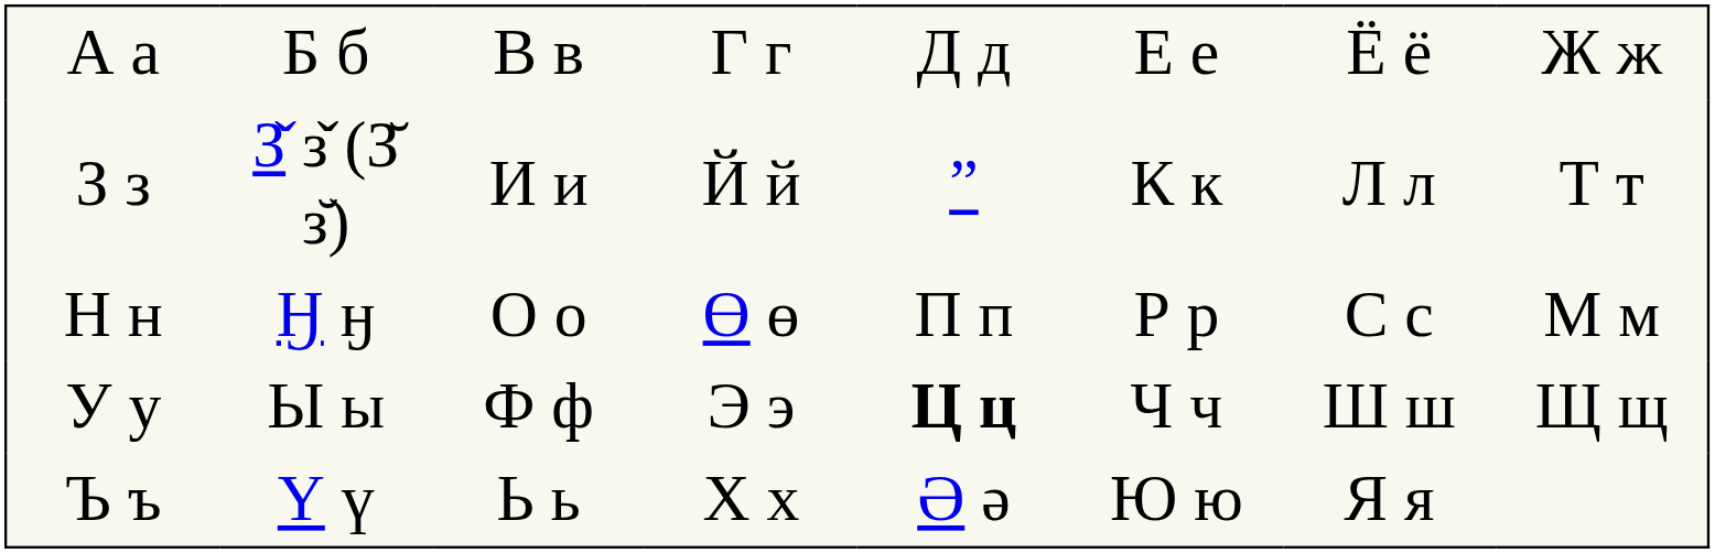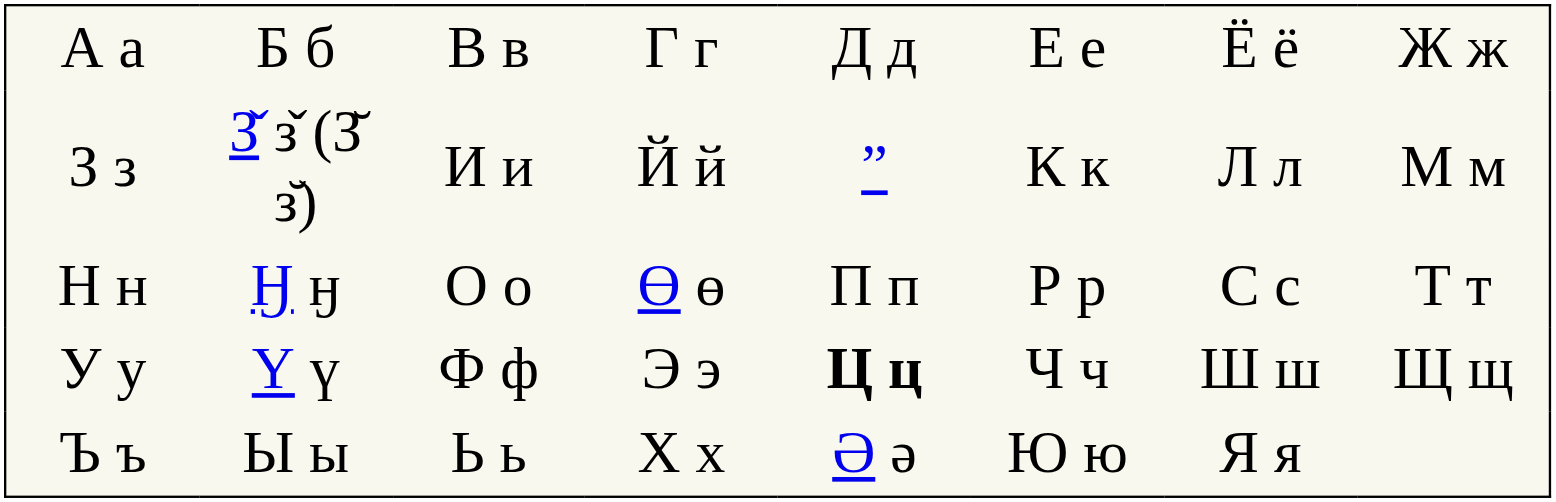 <table style="font-family:'Times New Roman',Times,'Nimbus Roman No9 L',FreeSerif,'Liberation Serif',serif; font-size:1.6em; border-color:#000000; border-width:1px; border-style:solid; border-collapse:collapse; background-color:#F8F8EF">
 <tr>
 <td style="width:3em; text-align:center; padding: 3px;">А а</td>
 <td style="width:3em; text-align:center; padding: 3px;">Б б</td>
 <td style="width:3em; text-align:center; padding: 3px;">В в</td>
 <td style="width:3em; text-align:center; padding: 3px;">Г г</td>
 <td style="width:3em; text-align:center; padding: 3px;">Д д</td>
 <td style="width:3em; text-align:center; padding: 3px;">Е е</td>
 <td style="width:3em; text-align:center; padding: 3px;">Ё ё</td>
 <td style="width:3em; text-align:center; padding: 3px;">Ж ж</td>
 </tr>
 <tr>
 <td style="width:3em; text-align:center; padding: 3px;">З з</td>
 <td style="width:3em; text-align:center; padding: 3px;"><a href='#'>З̌</a> з̌ (З̆ з̆)</td>
 <td style="width:3em; text-align:center; padding: 3px;">И и</td>
 <td style="width:3em; text-align:center; padding: 3px;">Й й</td>
 <td style="width:3em; text-align:center; padding: 3px;"><a href='#'>ˮ</a></td>
 <td style="width:3em; text-align:center; padding: 3px;">К к</td>
 <td style="width:3em; text-align:center; padding: 3px;">Л л</td>
-<td style="width:3em; text-align:center; padding: 3px;">Т т</td>
+<td style="width:3em; text-align:center; padding: 3px;">М м</td>
 </tr>
 <tr>
 <td style="width:3em; text-align:center; padding: 3px;">Н н</td>
 <td style="width:3em; text-align:center; padding: 3px;"><a href='#'>Ӈ</a> ӈ</td>
 <td style="width:3em; text-align:center; padding: 3px;">О о</td>
 <td style="width:3em; text-align:center; padding: 3px;"><a href='#'>Ө</a> ө</td>
 <td style="width:3em; text-align:center; padding: 3px;">П п</td>
 <td style="width:3em; text-align:center; padding: 3px;">Р р</td>
 <td style="width:3em; text-align:center; padding: 3px;">С с</td>
-<td style="width:3em; text-align:center; padding: 3px;">М м</td>
+<td style="width:3em; text-align:center; padding: 3px;">Т т</td>
 </tr>
 <tr>
 <td style="width:3em; text-align:center; padding: 3px;">У у</td>
-<td style="width:3em; text-align:center; padding: 3px;">Ы ы</td>
+<td style="width:3em; text-align:center; padding: 3px;"><a href='#'>Ү</a> ү</td>
 <td style="width:3em; text-align:center; padding: 3px;">Ф ф</td>
 <td style="width:3em; text-align:center; padding: 3px;">Э э</td>
 <td style="width:3em; text-align:center; padding: 3px;"><strong>Ц ц</strong></td>
 <td style="width:3em; text-align:center; padding: 3px;">Ч ч</td>
 <td style="width:3em; text-align:center; padding: 3px;">Ш ш</td>
 <td style="width:3em; text-align:center; padding: 3px;">Щ щ</td>
 </tr>
 <tr>
 <td style="width:3em; text-align:center; padding: 3px;">Ъ ъ</td>
-<td style="width:3em; text-align:center; padding: 3px;"><a href='#'>Ү</a> ү</td>
+<td style="width:3em; text-align:center; padding: 3px;">Ы ы</td>
 <td style="width:3em; text-align:center; padding: 3px;">Ь ь</td>
 <td style="width:3em; text-align:center; padding: 3px;">Х х</td>
 <td style="width:3em; text-align:center; padding: 3px;"><a href='#'>Ә</a> ә</td>
 <td style="width:3em; text-align:center; padding: 3px;">Ю ю</td>
 <td style="width:3em; text-align:center; padding: 3px;">Я я</td>
 <td style="width:3em; text-align:center; padding: 3px;"></td>
 </tr>
 </table>
